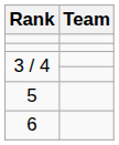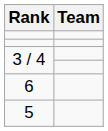 <table class="wikitable" style=text-align:center>
 <tr>
 <th>Rank</th>
 <th>Team</th>
 </tr>
 <tr>
 <td></td>
 <td align="left"></td>
 </tr>
 <tr>
 <td></td>
 <td align="left"></td>
 </tr>
 <tr>
 <td rowspan=2>3 / 4</td>
 <td align="left"></td>
 </tr>
 <tr>
 <td align="left"></td>
 </tr>
 <tr>
+<td>6</td>
+<td align="left"></td>
+</tr>
+<tr>
 <td>5</td>
 <td align="left"></td>
 </tr>
-<tr>
-<td>6</td>
-<td align="left"></td>
-</tr>
 </table>
